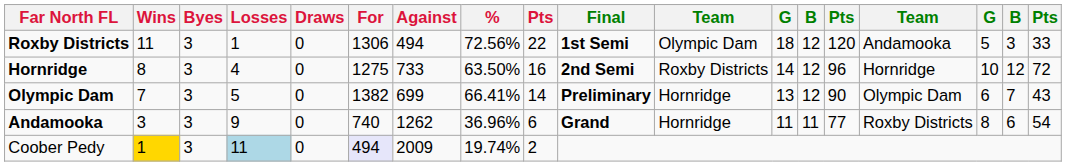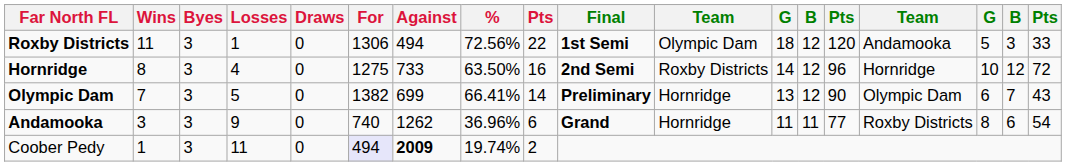 <table class="wikitable">
 <tr>
 <th style="color:crimson">Far North FL</th>
 <th style="color:crimson">Wins</th>
 <th style="color:crimson">Byes</th>
 <th style="color:crimson">Losses</th>
 <th style="color:crimson">Draws</th>
 <th style="color:crimson">For</th>
 <th style="color:crimson">Against</th>
 <th style="color:crimson">%</th>
 <th style="color:crimson">Pts</th>
 <th style="color:green">Final</th>
 <th style="color:green">Team</th>
 <th style="color:green">G</th>
 <th style="color:green">B</th>
 <th style="color:green">Pts</th>
 <th style="color:green">Team</th>
 <th style="color:green">G</th>
 <th style="color:green">B</th>
 <th style="color:green">Pts</th>
 </tr>
 <tr>
 <td><strong>	Roxby Districts	</strong></td>
 <td>11</td>
 <td>3</td>
 <td>1</td>
 <td>0</td>
 <td>1306</td>
 <td>494</td>
 <td>72.56%</td>
 <td>22</td>
 <td><strong>1st Semi</strong></td>
 <td>Olympic Dam</td>
 <td>18</td>
 <td>12</td>
 <td>120</td>
 <td>Andamooka</td>
 <td>5</td>
 <td>3</td>
 <td>33</td>
 </tr>
 <tr>
 <td><strong>	Hornridge	</strong></td>
 <td>8</td>
 <td>3</td>
 <td>4</td>
 <td>0</td>
 <td>1275</td>
 <td>733</td>
 <td>63.50%</td>
 <td>16</td>
 <td><strong>2nd Semi</strong></td>
 <td>Roxby Districts</td>
 <td>14</td>
 <td>12</td>
 <td>96</td>
 <td>Hornridge</td>
 <td>10</td>
 <td>12</td>
 <td>72</td>
 </tr>
 <tr>
 <td><strong>	Olympic Dam	</strong></td>
 <td>7</td>
 <td>3</td>
 <td>5</td>
 <td>0</td>
 <td>1382</td>
 <td>699</td>
 <td>66.41%</td>
 <td>14</td>
 <td><strong>Preliminary</strong></td>
 <td>Hornridge</td>
 <td>13</td>
 <td>12</td>
 <td>90</td>
 <td>Olympic Dam</td>
 <td>6</td>
 <td>7</td>
 <td>43</td>
 </tr>
 <tr>
 <td><strong>	Andamooka	</strong></td>
 <td>3</td>
 <td>3</td>
 <td>9</td>
 <td>0</td>
 <td>740</td>
 <td>1262</td>
 <td>36.96%</td>
 <td>6</td>
 <td><strong>Grand</strong></td>
 <td>Hornridge</td>
 <td>11</td>
 <td>11</td>
 <td>77</td>
 <td>Roxby Districts</td>
 <td>8</td>
 <td>6</td>
 <td>54</td>
 </tr>
 <tr>
 <td>Coober Pedy</td>
-<td style="background: gold;">1</td>
+<td>1</td>
 <td>3</td>
-<td style="background: lightblue;">11</td>
+<td>11</td>
 <td>0</td>
 <td style="background: lavender;">494</td>
-<td>2009</td>
+<td><strong>2009</strong></td>
 <td>19.74%</td>
 <td>2</td>
 </tr>
 </table>
